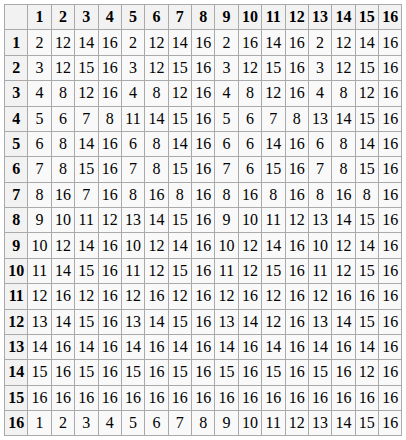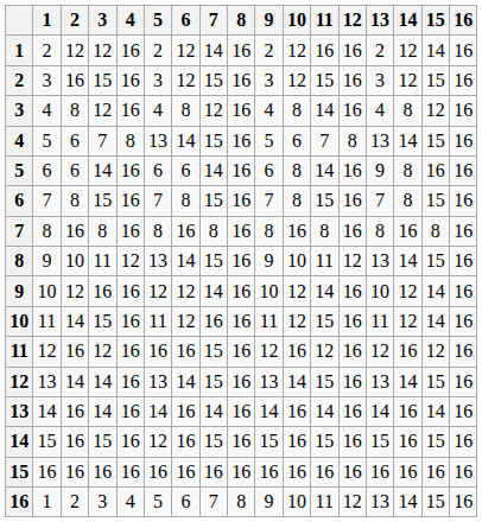 <table class=wikitable style="text-align: center;">
 <tr>
 <th></th>
 <th>1</th>
 <th>2</th>
 <th>3</th>
 <th>4</th>
 <th>5</th>
 <th>6</th>
 <th>7</th>
 <th>8</th>
 <th>9</th>
 <th>10</th>
 <th>11</th>
 <th>12</th>
 <th>13</th>
 <th>14</th>
 <th>15</th>
 <th>16</th>
 </tr>
 <tr>
 <th>1</th>
 <td>2</td>
 <td>12</td>
-<td>14</td>
+<td>12</td>
 <td>16</td>
 <td>2</td>
 <td>12</td>
 <td>14</td>
 <td>16</td>
 <td>2</td>
+<td>12</td>
 <td>16</td>
-<td>14</td>
 <td>16</td>
 <td>2</td>
 <td>12</td>
 <td>14</td>
 <td>16</td>
 </tr>
 <tr>
 <th>2</th>
 <td>3</td>
-<td>12</td>
+<td>16</td>
 <td>15</td>
 <td>16</td>
 <td>3</td>
 <td>12</td>
 <td>15</td>
 <td>16</td>
 <td>3</td>
 <td>12</td>
 <td>15</td>
 <td>16</td>
 <td>3</td>
 <td>12</td>
 <td>15</td>
 <td>16</td>
 </tr>
 <tr>
 <th>3</th>
 <td>4</td>
 <td>8</td>
 <td>12</td>
 <td>16</td>
 <td>4</td>
 <td>8</td>
 <td>12</td>
 <td>16</td>
 <td>4</td>
 <td>8</td>
-<td>12</td>
+<td>14</td>
 <td>16</td>
 <td>4</td>
 <td>8</td>
 <td>12</td>
 <td>16</td>
 </tr>
 <tr>
 <th>4</th>
 <td>5</td>
 <td>6</td>
 <td>7</td>
 <td>8</td>
-<td>11</td>
+<td>13</td>
 <td>14</td>
 <td>15</td>
 <td>16</td>
 <td>5</td>
 <td>6</td>
 <td>7</td>
 <td>8</td>
 <td>13</td>
 <td>14</td>
 <td>15</td>
 <td>16</td>
 </tr>
 <tr>
 <th>5</th>
 <td>6</td>
-<td>8</td>
-<td>14</td>
-<td>16</td>
 <td>6</td>
-<td>8</td>
 <td>14</td>
 <td>16</td>
 <td>6</td>
 <td>6</td>
 <td>14</td>
 <td>16</td>
 <td>6</td>
 <td>8</td>
 <td>14</td>
+<td>16</td>
+<td>9</td>
+<td>8</td>
+<td>16</td>
 <td>16</td>
 </tr>
 <tr>
 <th>6</th>
 <td>7</td>
 <td>8</td>
 <td>15</td>
 <td>16</td>
 <td>7</td>
 <td>8</td>
 <td>15</td>
 <td>16</td>
 <td>7</td>
-<td>6</td>
+<td>8</td>
 <td>15</td>
 <td>16</td>
 <td>7</td>
 <td>8</td>
 <td>15</td>
 <td>16</td>
 </tr>
 <tr>
 <th>7</th>
 <td>8</td>
 <td>16</td>
-<td>7</td>
+<td>8</td>
 <td>16</td>
 <td>8</td>
 <td>16</td>
 <td>8</td>
 <td>16</td>
 <td>8</td>
 <td>16</td>
 <td>8</td>
 <td>16</td>
 <td>8</td>
 <td>16</td>
 <td>8</td>
 <td>16</td>
 </tr>
 <tr>
 <th>8</th>
 <td>9</td>
 <td>10</td>
 <td>11</td>
 <td>12</td>
 <td>13</td>
 <td>14</td>
 <td>15</td>
 <td>16</td>
 <td>9</td>
 <td>10</td>
 <td>11</td>
 <td>12</td>
 <td>13</td>
 <td>14</td>
 <td>15</td>
 <td>16</td>
 </tr>
 <tr>
 <th>9</th>
 <td>10</td>
 <td>12</td>
-<td>14</td>
 <td>16</td>
-<td>10</td>
+<td>16</td>
+<td>12</td>
 <td>12</td>
 <td>14</td>
 <td>16</td>
 <td>10</td>
 <td>12</td>
 <td>14</td>
 <td>16</td>
 <td>10</td>
 <td>12</td>
 <td>14</td>
 <td>16</td>
 </tr>
 <tr>
 <th>10</th>
 <td>11</td>
 <td>14</td>
 <td>15</td>
 <td>16</td>
 <td>11</td>
 <td>12</td>
-<td>15</td>
+<td>16</td>
 <td>16</td>
 <td>11</td>
 <td>12</td>
 <td>15</td>
 <td>16</td>
 <td>11</td>
 <td>12</td>
-<td>15</td>
+<td>14</td>
 <td>16</td>
 </tr>
 <tr>
 <th>11</th>
 <td>12</td>
+<td>16</td>
+<td>12</td>
+<td>16</td>
+<td>16</td>
+<td>16</td>
+<td>15</td>
 <td>16</td>
 <td>12</td>
 <td>16</td>
 <td>12</td>
 <td>16</td>
 <td>12</td>
 <td>16</td>
 <td>12</td>
 <td>16</td>
-<td>12</td>
-<td>16</td>
-<td>12</td>
-<td>16</td>
-<td>16</td>
-<td>16</td>
 </tr>
 <tr>
 <th>12</th>
+<td>13</td>
+<td>14</td>
+<td>14</td>
+<td>16</td>
 <td>13</td>
 <td>14</td>
 <td>15</td>
 <td>16</td>
 <td>13</td>
 <td>14</td>
 <td>15</td>
-<td>16</td>
-<td>13</td>
-<td>14</td>
-<td>12</td>
 <td>16</td>
 <td>13</td>
 <td>14</td>
 <td>15</td>
 <td>16</td>
 </tr>
 <tr>
 <th>13</th>
 <td>14</td>
 <td>16</td>
 <td>14</td>
 <td>16</td>
 <td>14</td>
 <td>16</td>
 <td>14</td>
 <td>16</td>
 <td>14</td>
 <td>16</td>
 <td>14</td>
 <td>16</td>
 <td>14</td>
 <td>16</td>
 <td>14</td>
 <td>16</td>
 </tr>
 <tr>
 <th>14</th>
 <td>15</td>
 <td>16</td>
 <td>15</td>
 <td>16</td>
+<td>12</td>
+<td>16</td>
 <td>15</td>
 <td>16</td>
 <td>15</td>
 <td>16</td>
 <td>15</td>
 <td>16</td>
 <td>15</td>
 <td>16</td>
 <td>15</td>
-<td>16</td>
-<td>12</td>
 <td>16</td>
 </tr>
 <tr>
 <th>15</th>
 <td>16</td>
 <td>16</td>
 <td>16</td>
 <td>16</td>
 <td>16</td>
 <td>16</td>
 <td>16</td>
 <td>16</td>
 <td>16</td>
 <td>16</td>
 <td>16</td>
 <td>16</td>
 <td>16</td>
 <td>16</td>
 <td>16</td>
 <td>16</td>
 </tr>
 <tr>
 <th>16</th>
 <td>1</td>
 <td>2</td>
 <td>3</td>
 <td>4</td>
 <td>5</td>
 <td>6</td>
 <td>7</td>
 <td>8</td>
 <td>9</td>
 <td>10</td>
 <td>11</td>
 <td>12</td>
 <td>13</td>
 <td>14</td>
 <td>15</td>
 <td>16</td>
 </tr>
 <tr>
 </tr>
 </table>
